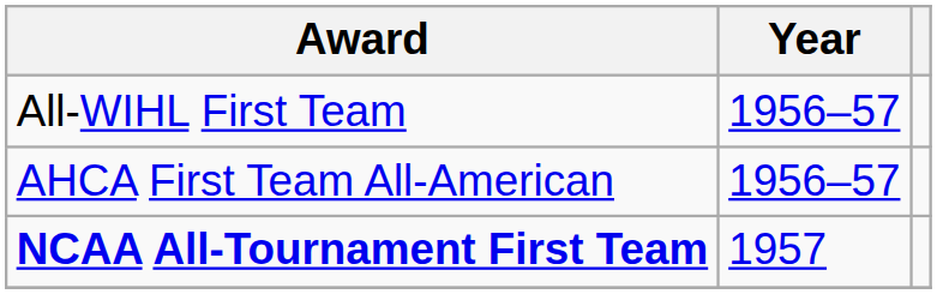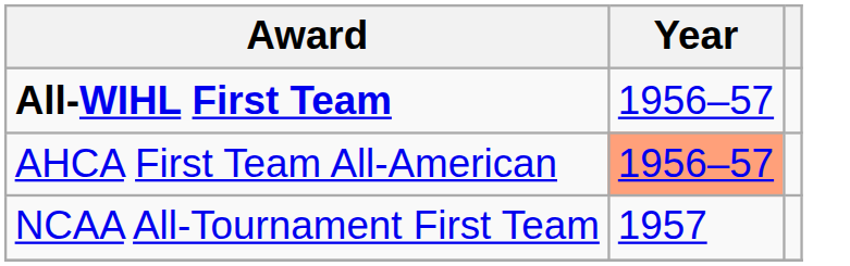 <table class="wikitable">
 <tr>
 <th>Award</th>
 <th>Year</th>
 <th></th>
 </tr>
 <tr>
-<td>All-<a href='#'>WIHL</a> <a href='#'>First Team</a></td>
+<td><strong>All-<a href='#'>WIHL</a> <a href='#'>First Team</a></strong></td>
 <td><a href='#'>1956–57</a></td>
 <td></td>
 </tr>
 <tr>
 <td><a href='#'>AHCA</a> <a href='#'>First Team All-American</a></td>
-<td><a href='#'>1956–57</a></td>
+<td style="background: lightsalmon;"><a href='#'>1956–57</a></td>
 <td></td>
 </tr>
 <tr>
-<td><strong><a href='#'>NCAA</a> <a href='#'>All-Tournament First Team</a></strong></td>
+<td><a href='#'>NCAA</a> <a href='#'>All-Tournament First Team</a></td>
 <td><a href='#'>1957</a></td>
 <td></td>
 </tr>
 <tr>
 </tr>
 </table>
